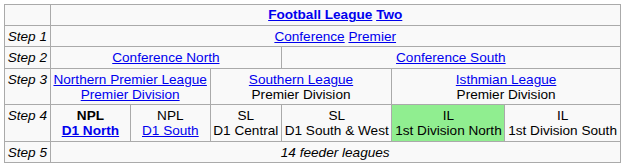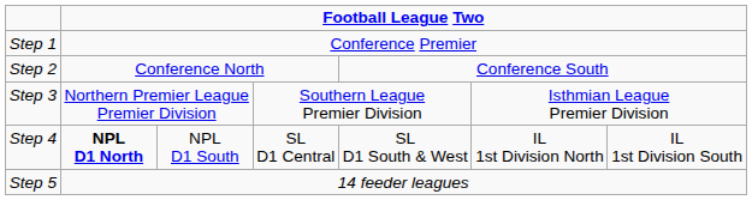 <table class="wikitable" style="text-align: center; font-size: 85%;">
 <tr>
 <td> </td>
 <td colspan="6"><strong><a href='#'>Football League</a> <a href='#'>Two</a></strong></td>
 </tr>
 <tr style="vertical-align: top;">
 <td><em>Step 1</em></td>
 <td colspan="6"><a href='#'>Conference</a> <a href='#'>Premier</a></td>
 </tr>
 <tr style="vertical-align: top;">
 <td><em>Step 2</em></td>
 <td colspan="3"><a href='#'>Conference North</a></td>
 <td colspan="3"><a href='#'>Conference South</a></td>
 </tr>
 <tr style="vertical-align: top;">
 <td><em>Step 3</em></td>
 <td colspan="2"><a href='#'>Northern Premier League</a><br><a href='#'>Premier Division</a></td>
 <td colspan="2"><a href='#'>Southern League</a><br>Premier Division</td>
 <td colspan="2"><a href='#'>Isthmian League</a><br>Premier Division</td>
 </tr>
 <tr style="vertical-align: top;">
 <td><em>Step 4</em></td>
 <td><strong>NPL<br><a href='#'>D1 North</a></strong></td>
 <td>NPL<br><a href='#'>D1 South</a></td>
 <td>SL<br>D1 Central</td>
 <td>SL<br>D1 South & West</td>
-<td style="background: lightgreen;">IL<br>1st Division North</td>
+<td>IL<br>1st Division North</td>
 <td>IL<br>1st Division South</td>
 </tr>
 <tr style="vertical-align: top;">
 <td><em>Step 5</em></td>
 <td colspan="6"><em>14 feeder leagues</em></td>
 </tr>
 </table>
